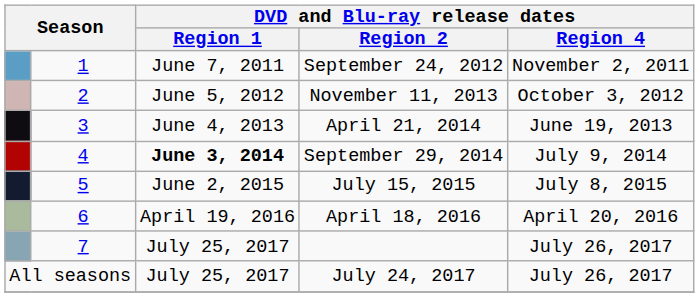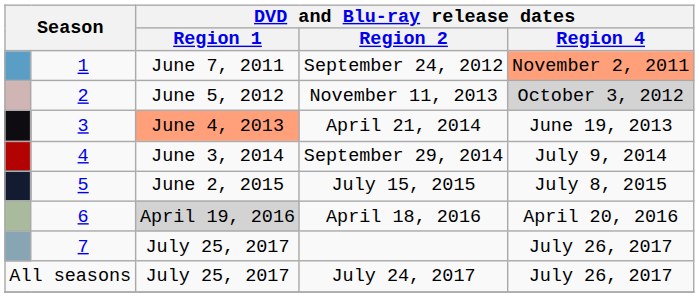 <table class="wikitable plainrowheaders" style="text-align:center; float:right;">
 <tr>
 <th style="padding:0 8px;" colspan="2" rowspan="2">Season</th>
 <th scope="col" style="padding:0 8px" colspan="3"><a href='#'>DVD</a> and <a href='#'>Blu-ray</a> release dates</th>
 </tr>
 <tr>
 <th style="padding: 0 8px"><a href='#'>Region 1</a></th>
 <th style="padding: 0 8px"><a href='#'>Region 2</a></th>
 <th style="padding: 0 8px"><a href='#'>Region 4</a></th>
 </tr>
 <tr>
 <th scope="row" style="width:12px; background:#5B9EC5;"></th>
 <td><a href='#'>1</a></td>
 <td>June 7, 2011</td>
 <td>September 24, 2012</td>
-<td>November 2, 2011</td>
+<td style="background: lightsalmon;">November 2, 2011</td>
 </tr>
 <tr>
 <th scope="row" style="width:12px; background:#cfb5b4;"></th>
 <td><a href='#'>2</a></td>
 <td>June 5, 2012</td>
 <td>November 11, 2013</td>
-<td>October 3, 2012</td>
+<td style="background: lightgrey;">October 3, 2012</td>
 </tr>
 <tr>
 <th scope="row" style="width:12px; background:#0E0B11;"></th>
 <td><a href='#'>3</a></td>
-<td>June 4, 2013</td>
+<td style="background: lightsalmon;">June 4, 2013</td>
 <td>April 21, 2014</td>
 <td>June 19, 2013</td>
 </tr>
 <tr>
 <th scope="row" style="width:12px; background:#B30202;"></th>
 <td><a href='#'>4</a></td>
-<td><strong>June 3, 2014</strong></td>
+<td>June 3, 2014</td>
 <td>September 29, 2014</td>
 <td>July 9, 2014</td>
 </tr>
 <tr>
 <th scope="row" style="width:12px; background:#131b30;"></th>
 <td><a href='#'>5</a></td>
 <td>June 2, 2015</td>
 <td>July 15, 2015</td>
 <td>July 8, 2015</td>
 </tr>
 <tr>
 <th scope="row" style="width:12px; background:#A9BA9D;"></th>
 <td><a href='#'>6</a></td>
-<td>April 19, 2016</td>
+<td style="background: lightgrey;">April 19, 2016</td>
 <td>April 18, 2016</td>
 <td>April 20, 2016</td>
 </tr>
 <tr>
 <th scope="row" style="width:12px; background:#88a5b3;"></th>
 <td><a href='#'>7</a></td>
 <td>July 25, 2017</td>
 <td></td>
 <td>July 26, 2017</td>
 </tr>
 <tr>
 <td colspan="2">All seasons</td>
 <td>July 25, 2017</td>
 <td>July 24, 2017</td>
 <td>July 26, 2017</td>
 </tr>
 <tr>
 </tr>
 </table>
